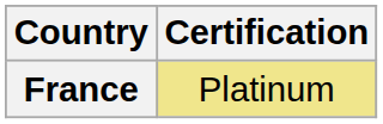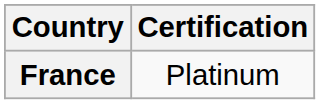 <table class="wikitable sortable plainrowheaders">
 <tr>
 <th bgcolor="#ebf5ff">Country</th>
 <th bgcolor="#ebf5ff">Certification</th>
 </tr>
 <tr>
 <th scope="row">France</th>
-<td align="center" style="background: khaki;">Platinum</td>
+<td align="center">Platinum</td>
 </tr>
 </table>
